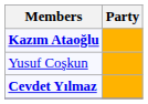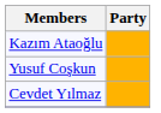 <table class=wikitable style="border:1px solid #8888aa; background-color:#f7f8ff; padding:0px; font-size:90%;">
 <tr>
 <th>Members</th>
 <th colspan="2">Party</th>
 </tr>
 <tr>
-<td><strong><a href='#'>Kazım Ataoğlu</a></strong></td>
+<td><a href='#'>Kazım Ataoğlu</a></td>
 <td style="background: #ffb300"></td>
 </tr>
 <tr>
 <td><a href='#'>Yusuf Coşkun</a></td>
 <td style="background: #ffb300"></td>
 </tr>
 <tr>
-<td><strong><a href='#'>Cevdet Yılmaz</a></strong></td>
+<td><a href='#'>Cevdet Yılmaz</a></td>
 <td style="background: #ffb300"></td>
 </tr>
 <tr>
 </tr>
 </table>
